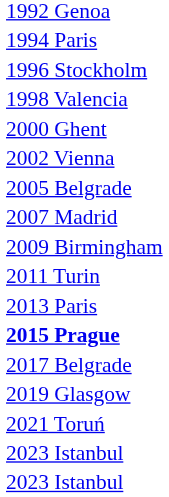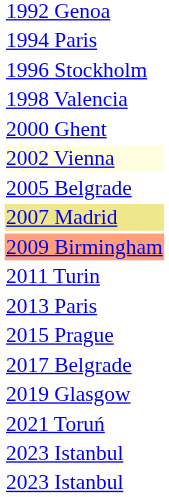 <table>
 <tr>
 <td><a href='#'>1992 Genoa</a><br></td>
 <td></td>
 <td></td>
 <td></td>
 </tr>
 <tr>
 <td><a href='#'>1994 Paris</a><br></td>
 <td></td>
 <td></td>
 <td></td>
 </tr>
 <tr>
 <td><a href='#'>1996 Stockholm</a><br></td>
 <td></td>
 <td></td>
 <td></td>
 </tr>
 <tr>
 <td><a href='#'>1998 Valencia</a><br></td>
 <td></td>
 <td></td>
 <td></td>
 </tr>
 <tr>
 <td><a href='#'>2000 Ghent</a><br></td>
 <td></td>
 <td></td>
 <td></td>
 </tr>
 <tr>
-<td><a href='#'>2002 Vienna</a><br></td>
+<td style="background: lightyellow;"><a href='#'>2002 Vienna</a><br></td>
 <td></td>
 <td></td>
 <td></td>
 </tr>
 <tr>
 <td><a href='#'>2005 Belgrade</a><br></td>
 <td></td>
 <td></td>
 <td></td>
 </tr>
 <tr>
-<td><a href='#'>2007 Madrid</a><br></td>
+<td style="background: khaki;"><a href='#'>2007 Madrid</a><br></td>
 <td></td>
 <td></td>
 <td></td>
 </tr>
 <tr>
-<td><a href='#'>2009 Birmingham</a><br></td>
+<td style="background: lightsalmon;"><a href='#'>2009 Birmingham</a><br></td>
 <td></td>
 <td></td>
 <td></td>
 </tr>
 <tr>
 <td><a href='#'>2011 Turin</a><br></td>
 <td></td>
 <td></td>
 <td></td>
 </tr>
 <tr>
 <td><a href='#'>2013 Paris</a><br></td>
 <td></td>
 <td></td>
 <td></td>
 </tr>
 <tr>
-<td><strong><a href='#'>2015 Prague</a><br></strong></td>
+<td><a href='#'>2015 Prague</a><br></td>
 <td></td>
 <td></td>
 <td></td>
 </tr>
 <tr>
 <td><a href='#'>2017 Belgrade</a><br></td>
 <td></td>
 <td></td>
 <td></td>
 </tr>
 <tr>
 <td><a href='#'>2019 Glasgow</a><br></td>
 <td></td>
 <td></td>
 <td></td>
 </tr>
 <tr>
 <td><a href='#'>2021 Toruń</a><br></td>
 <td></td>
 <td></td>
 <td></td>
 </tr>
 <tr>
 <td><a href='#'>2023 Istanbul</a><br></td>
 <td></td>
 <td></td>
 <td></td>
 </tr>
 <tr>
 <td><a href='#'>2023 Istanbul</a><br></td>
 <td></td>
 <td></td>
 <td></td>
 </tr>
 </table>
